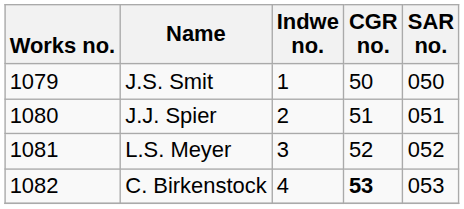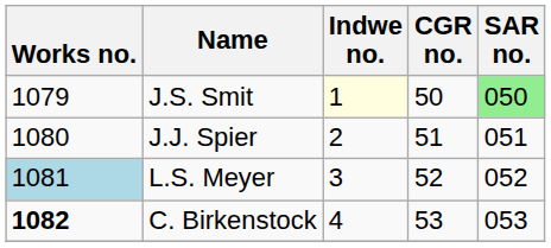 <table class="wikitable collapsible collapsed sortable" style="margin:0.5em auto; font-size:100%;">
 <tr>
 <th><br>Works no.</th>
 <th>Name</th>
 <th>Indwe<br>no.</th>
 <th>CGR<br>no.</th>
 <th>SAR<br>no.</th>
 </tr>
 <tr>
 <td>1079</td>
 <td>J.S. Smit</td>
-<td>1</td>
+<td style="background: lightyellow;">1</td>
 <td>50</td>
-<td>050</td>
+<td style="background: lightgreen;">050</td>
 </tr>
 <tr>
 <td>1080</td>
 <td>J.J. Spier</td>
 <td>2</td>
 <td>51</td>
 <td>051</td>
 </tr>
 <tr>
-<td>1081</td>
+<td style="background: lightblue;">1081</td>
 <td>L.S. Meyer</td>
 <td>3</td>
 <td>52</td>
 <td>052</td>
 </tr>
 <tr>
-<td>1082</td>
+<td><strong>1082</strong></td>
 <td>C. Birkenstock</td>
 <td>4</td>
-<td><strong>53</strong></td>
+<td>53</td>
 <td>053</td>
 </tr>
 <tr>
 </tr>
 </table>
